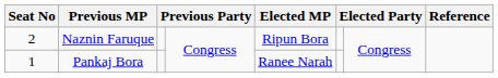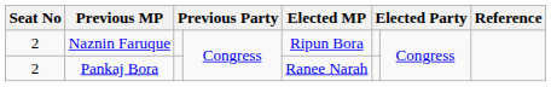 <table class="wikitable">
 <tr>
 <th>Seat No</th>
 <th>Previous MP</th>
 <th colspan=2>Previous Party</th>
 <th>Elected MP</th>
 <th colspan=2>Elected Party</th>
 <th>Reference</th>
 </tr>
 <tr style="text-align:center;">
 <td>2</td>
 <td><a href='#'>Naznin Faruque</a></td>
 <td width="1px"></td>
 <td rowspan="2"><a href='#'>Congress</a></td>
 <td><a href='#'>Ripun Bora</a></td>
 <td width="1px"></td>
 <td rowspan="2"><a href='#'>Congress</a></td>
 <td rowspan=2></td>
 </tr>
 <tr style="text-align:center;">
-<td>1</td>
+<td>2</td>
 <td><a href='#'>Pankaj Bora</a></td>
 <td width="1px"></td>
 <td><a href='#'>Ranee Narah</a></td>
 <td width="1px"></td>
 </tr>
 </table>
